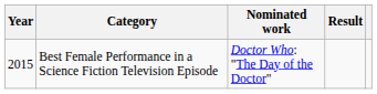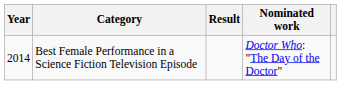 <table class="wikitable" width="74%">
 <tr>
 <th width="4%">Year</th>
 <th width="58%">Category</th>
+<th width="10%">Result</th>
 <th width="28%">Nominated work</th>
-<th width="10%">Result</th>
 <th width="5%"></th>
 </tr>
 <tr>
-<td>2015</td>
+<td>2014</td>
 <td>Best Female Performance in a Science Fiction Television Episode</td>
+<td></td>
 <td><em><a href='#'>Doctor Who</a></em>: "<a href='#'>The Day of the Doctor</a>"</td>
-<td></td>
 <td></td>
 </tr>
 </table>
